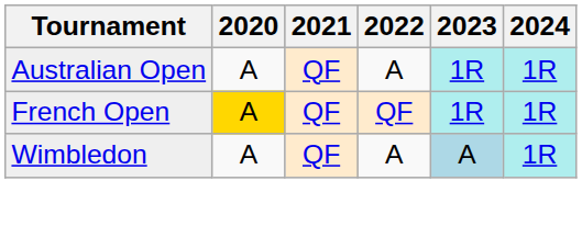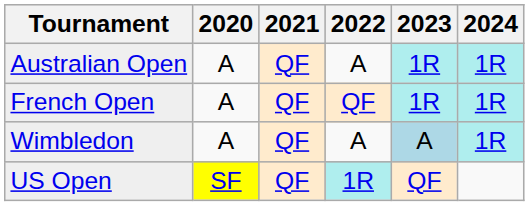 <table class="wikitable">
 <tr style="background:#efefef;">
 <th>Tournament</th>
 <th>2020</th>
 <th>2021</th>
 <th>2022</th>
 <th>2023</th>
 <th>2024</th>
 </tr>
 <tr>
 <td style="background:#efefef;"><a href='#'>Australian Open</a></td>
 <td style="text-align:center">A</td>
 <td style="text-align:center; background:#ffebcd;"><a href='#'>QF</a></td>
 <td style="text-align:center">A</td>
 <td style="text-align:center; background:#afeeee;"><a href='#'>1R</a></td>
 <td style="text-align:center; background:#afeeee;"><a href='#'>1R</a></td>
 </tr>
 <tr>
 <td style="background:#efefef;"><a href='#'>French Open</a></td>
-<td style="background: gold; text-align:center">A</td>
+<td style="text-align:center">A</td>
 <td style="text-align:center; background:#ffebcd;"><a href='#'>QF</a></td>
 <td style="text-align:center; background:#ffebcd;"><a href='#'>QF</a></td>
 <td style="text-align:center; background:#afeeee;"><a href='#'>1R</a></td>
 <td style="text-align:center; background:#afeeee;"><a href='#'>1R</a></td>
 </tr>
 <tr>
 <td style="background:#efefef;"><a href='#'>Wimbledon</a></td>
 <td style="text-align:center">A</td>
 <td style="text-align:center; background:#ffebcd;"><a href='#'>QF</a></td>
 <td style="text-align:center">A</td>
 <td style="background: lightblue; text-align:center">A</td>
 <td style="text-align:center; background:#afeeee;"><a href='#'>1R</a></td>
 </tr>
+<tr>
+<td style="background:#efefef;"><a href='#'>US Open</a></td>
+<td style="text-align:center; background:yellow;"><a href='#'>SF</a></td>
+<td style="text-align:center; background:#ffebcd;"><a href='#'>QF</a></td>
+<td style="text-align:center; background:#afeeee;"><a href='#'>1R</a></td>
+<td style="text-align:center; background:#ffebcd;"><a href='#'>QF</a></td>
+<td></td>
+</tr>
 </table>
